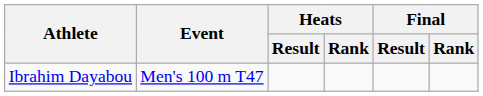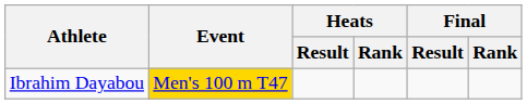 <table class=wikitable style="font-size:90%">
 <tr>
 <th rowspan="2">Athlete</th>
 <th rowspan="2">Event</th>
 <th colspan="2">Heats</th>
 <th colspan="2">Final</th>
 </tr>
 <tr>
 <th>Result</th>
 <th>Rank</th>
 <th>Result</th>
 <th>Rank</th>
 </tr>
 <tr align=center>
 <td align=left><a href='#'>Ibrahim Dayabou</a></td>
-<td align=left><a href='#'>Men's 100 m T47</a></td>
+<td align=left style="background: gold;"><a href='#'>Men's 100 m T47</a></td>
 <td></td>
 <td></td>
 <td></td>
 <td></td>
 </tr>
 </table>
